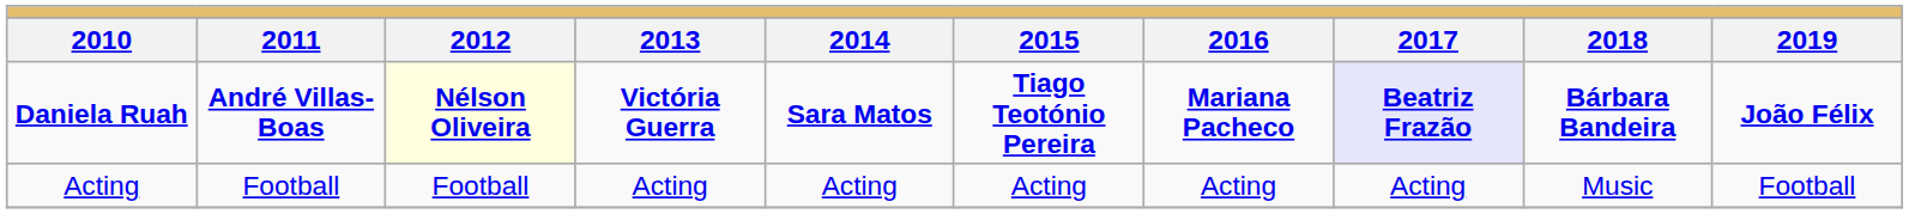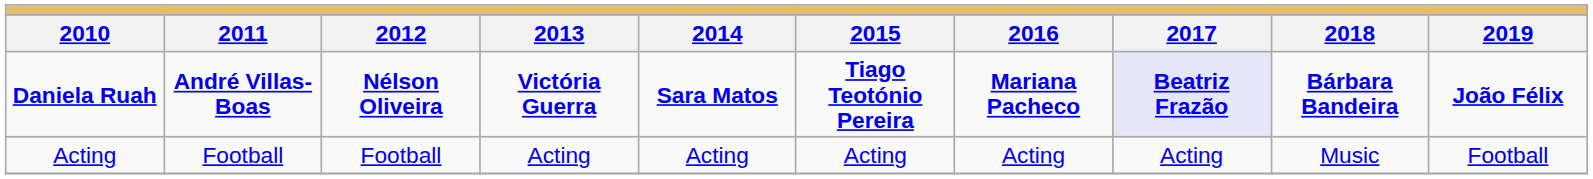 <table class="wikitable sortable" style="margin:1em auto; text-align:center; font-size:85%; width:75%;">
 <tr>
 <td colspan="10" bgcolor="#e4be6d"></td>
 </tr>
 <tr>
 <th><a href='#'>2010</a></th>
 <th><a href='#'>2011</a></th>
 <th><a href='#'>2012</a></th>
 <th><a href='#'>2013</a></th>
 <th><a href='#'>2014</a></th>
 <th><a href='#'>2015</a></th>
 <th><a href='#'>2016</a></th>
 <th><a href='#'>2017</a></th>
 <th><a href='#'>2018</a></th>
 <th><a href='#'>2019</a></th>
 </tr>
 <tr>
 <td width="10%"><strong><a href='#'>Daniela Ruah</a></strong></td>
 <td width="10%"><strong><a href='#'>André Villas-Boas</a></strong></td>
-<td width="10%" style="background: lightyellow;"><strong><a href='#'>Nélson Oliveira</a></strong></td>
+<td width="10%"><strong><a href='#'>Nélson Oliveira</a></strong></td>
 <td width="10%"><strong><a href='#'>Victória Guerra</a></strong></td>
 <td width="10%"><strong><a href='#'>Sara Matos</a></strong></td>
 <td width="10%"><strong><a href='#'>Tiago Teotónio Pereira</a></strong></td>
 <td width="10%"><strong><a href='#'>Mariana Pacheco</a></strong></td>
 <td width="10%" style="background: lavender;"><strong><a href='#'>Beatriz Frazão</a></strong></td>
 <td width="10%"><strong><a href='#'>Bárbara Bandeira</a></strong></td>
 <td width="10%"><strong><a href='#'>João Félix</a></strong></td>
 </tr>
 <tr>
 <td><a href='#'>Acting</a></td>
 <td><a href='#'>Football</a></td>
 <td><a href='#'>Football</a></td>
 <td><a href='#'>Acting</a></td>
 <td><a href='#'>Acting</a></td>
 <td><a href='#'>Acting</a></td>
 <td><a href='#'>Acting</a></td>
 <td><a href='#'>Acting</a></td>
 <td><a href='#'>Music</a></td>
 <td><a href='#'>Football</a></td>
 </tr>
 <tr>
 </tr>
 </table>
